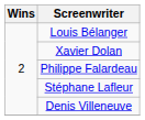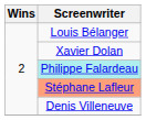 <table class="wikitable" style="text-align:center;">
 <tr>
 <th scope="col" width="12">Wins</th>
 <th scope="col" align="center">Screenwriter</th>
 </tr>
 <tr>
 <td rowspan="5" style="text-align:center;">2</td>
 <td><a href='#'>Louis Bélanger</a></td>
 </tr>
 <tr>
 <td><a href='#'>Xavier Dolan</a></td>
 </tr>
 <tr>
-<td><a href='#'>Philippe Falardeau</a></td>
+<td style="background: paleturquoise;"><a href='#'>Philippe Falardeau</a></td>
 </tr>
 <tr>
-<td><a href='#'>Stéphane Lafleur</a></td>
+<td style="background: lightsalmon;"><a href='#'>Stéphane Lafleur</a></td>
 </tr>
 <tr>
 <td><a href='#'>Denis Villeneuve</a></td>
 </tr>
 <tr>
 </tr>
 </table>
